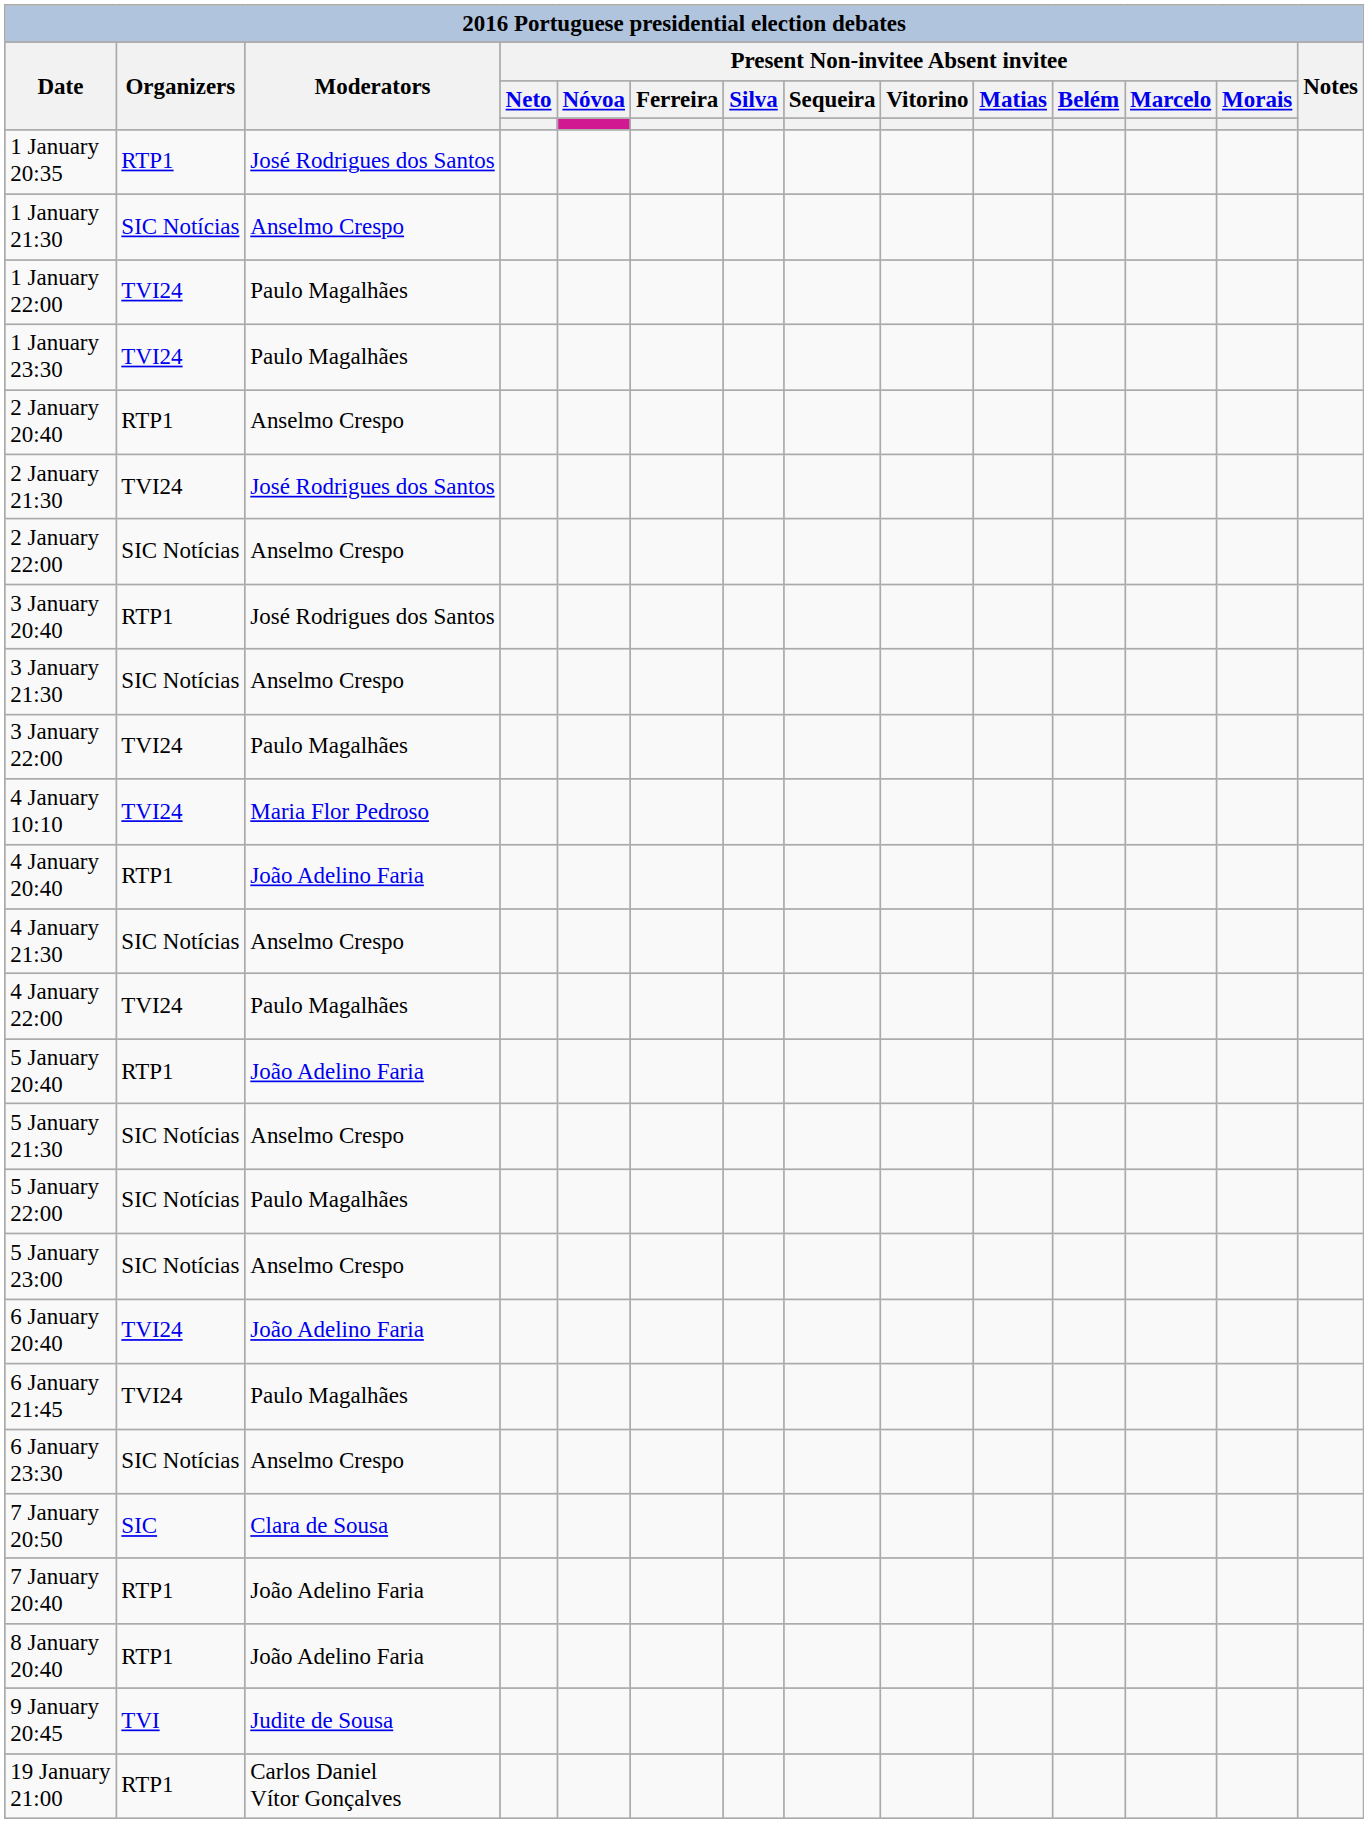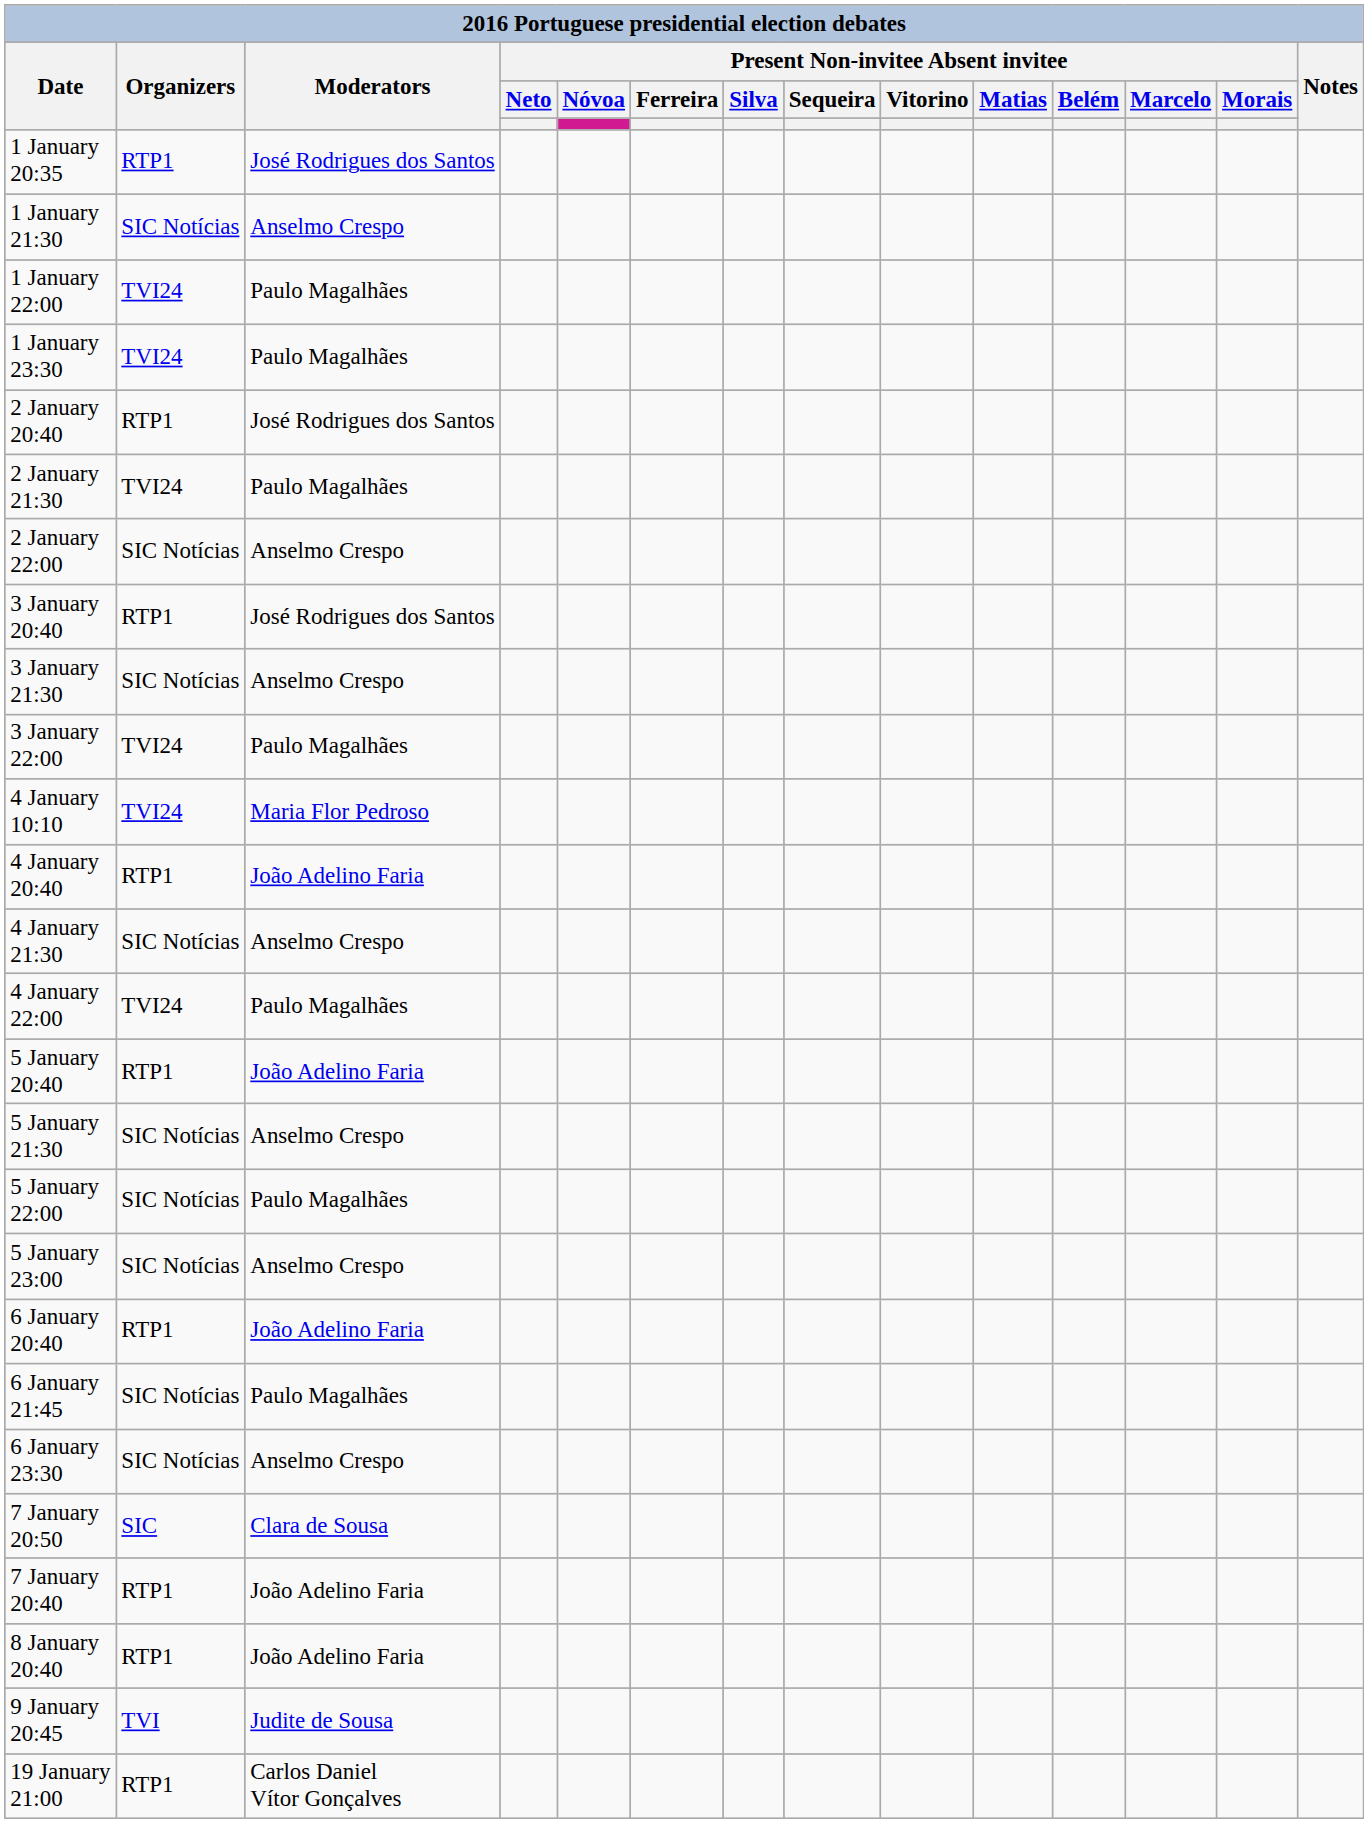 <table class="wikitable collapsible" style="font-size:85%; text-align:center">
 <tr>
 <th style="background:#B0C4DE;" colspan="15">2016 Portuguese presidential election debates</th>
 </tr>
 <tr>
 <th style="white-space:nowrap;" rowspan="3">Date</th>
 <th rowspan="3">Organizers</th>
 <th rowspan="3">Moderators</th>
 <th scope="col" colspan="10"> Present  Non-invitee  Absent invitee</th>
 <th rowspan="3">Notes</th>
 </tr>
 <tr>
 <th scope="col" style="width:60px;"><a href='#'>Neto</a></th>
 <th scope="col" style="width:60px;"><a href='#'>Nóvoa</a></th>
 <th scope="col" style="width:60px;">Ferreira</th>
 <th scope="col" style="width:60px;"><a href='#'>Silva</a></th>
 <th scope="col" style="width:60px;">Sequeira</th>
 <th scope="col" style="width:60px;">Vitorino</th>
 <th scope="col" style="width:60px;"><a href='#'>Matias</a></th>
 <th scope="col" style="width:60px;"><a href='#'>Belém</a></th>
 <th scope="col" style="width:60px;"><a href='#'>Marcelo</a></th>
 <th scope="col" style="width:60px;"><a href='#'>Morais</a></th>
 </tr>
 <tr>
 <th style="background:"></th>
 <th style="background:#d11a91;"></th>
 <th style="background:"></th>
 <th style="background:"></th>
 <th style="background:"></th>
 <th style="background:"></th>
 <th style="background:"></th>
 <th style="background:"></th>
 <th style="background:"></th>
 <th style="background:"></th>
 </tr>
 <tr>
 <td style="white-space:nowrap;text-align:left;">1 January<br>20:35</td>
 <td style="white-space:nowrap;text-align:left;"><a href='#'>RTP1</a></td>
 <td style="white-space:nowrap;text-align:left;"><a href='#'>José Rodrigues dos Santos</a></td>
 <td></td>
 <td></td>
 <td></td>
 <td></td>
 <td></td>
 <td></td>
 <td></td>
 <td></td>
 <td></td>
 <td></td>
 <td></td>
 </tr>
 <tr>
 <td style="white-space:nowrap;text-align:left;">1 January<br>21:30</td>
 <td style="white-space:nowrap;text-align:left;"><a href='#'>SIC Notícias</a></td>
 <td style="white-space:nowrap;text-align:left;"><a href='#'>Anselmo Crespo</a></td>
 <td></td>
 <td></td>
 <td></td>
 <td></td>
 <td></td>
 <td></td>
 <td></td>
 <td></td>
 <td></td>
 <td></td>
 <td></td>
 </tr>
 <tr>
 <td style="white-space:nowrap;text-align:left;">1 January<br>22:00</td>
 <td style="white-space:nowrap;text-align:left;"><a href='#'>TVI24</a></td>
 <td style="white-space:nowrap;text-align:left;">Paulo Magalhães</td>
 <td></td>
 <td></td>
 <td></td>
 <td></td>
 <td></td>
 <td></td>
 <td></td>
 <td></td>
 <td></td>
 <td></td>
 <td></td>
 </tr>
 <tr>
 <td style="white-space:nowrap;text-align:left;">1 January<br>23:30</td>
 <td style="white-space:nowrap;text-align:left;"><a href='#'>TVI24</a></td>
 <td style="white-space:nowrap;text-align:left;">Paulo Magalhães</td>
 <td></td>
 <td></td>
 <td></td>
 <td></td>
 <td></td>
 <td></td>
 <td></td>
 <td></td>
 <td></td>
 <td></td>
 <td></td>
 </tr>
 <tr>
 <td style="white-space:nowrap;text-align:left;">2 January<br>20:40</td>
 <td style="white-space:nowrap;text-align:left;">RTP1</td>
-<td style="white-space:nowrap;text-align:left;">Anselmo Crespo</td>
+<td style="white-space:nowrap;text-align:left;">José Rodrigues dos Santos</td>
 <td></td>
 <td></td>
 <td></td>
 <td></td>
 <td></td>
 <td></td>
 <td></td>
 <td></td>
 <td></td>
 <td></td>
 <td></td>
 </tr>
 <tr>
 <td style="white-space:nowrap;text-align:left;">2 January<br>21:30</td>
 <td style="white-space:nowrap;text-align:left;">TVI24</td>
-<td style="white-space:nowrap;text-align:left;"><a href='#'>José Rodrigues dos Santos</a></td>
+<td style="white-space:nowrap;text-align:left;">Paulo Magalhães</td>
 <td></td>
 <td></td>
 <td></td>
 <td></td>
 <td></td>
 <td></td>
 <td></td>
 <td></td>
 <td></td>
 <td></td>
 <td></td>
 </tr>
 <tr>
 <td style="white-space:nowrap;text-align:left;">2 January<br>22:00</td>
 <td style="white-space:nowrap;text-align:left;">SIC Notícias</td>
 <td style="white-space:nowrap;text-align:left;">Anselmo Crespo</td>
 <td></td>
 <td></td>
 <td></td>
 <td></td>
 <td></td>
 <td></td>
 <td></td>
 <td></td>
 <td></td>
 <td></td>
 <td></td>
 </tr>
 <tr>
 <td style="white-space:nowrap;text-align:left;">3 January<br>20:40</td>
 <td style="white-space:nowrap;text-align:left;">RTP1</td>
 <td style="white-space:nowrap;text-align:left;">José Rodrigues dos Santos</td>
 <td></td>
 <td></td>
 <td></td>
 <td></td>
 <td></td>
 <td></td>
 <td></td>
 <td></td>
 <td></td>
 <td></td>
 <td></td>
 </tr>
 <tr>
 <td style="white-space:nowrap;text-align:left;">3 January<br>21:30</td>
 <td style="white-space:nowrap;text-align:left;">SIC Notícias</td>
 <td style="white-space:nowrap;text-align:left;">Anselmo Crespo</td>
 <td></td>
 <td></td>
 <td></td>
 <td></td>
 <td></td>
 <td></td>
 <td></td>
 <td></td>
 <td></td>
 <td></td>
 <td></td>
 </tr>
 <tr>
 <td style="white-space:nowrap;text-align:left;">3 January<br>22:00</td>
 <td style="white-space:nowrap;text-align:left;">TVI24</td>
 <td style="white-space:nowrap;text-align:left;">Paulo Magalhães</td>
 <td></td>
 <td></td>
 <td></td>
 <td></td>
 <td></td>
 <td></td>
 <td></td>
 <td></td>
 <td></td>
 <td></td>
 <td></td>
 </tr>
 <tr>
 <td style="white-space:nowrap;text-align:left;">4 January<br>10:10</td>
 <td style="white-space:nowrap;text-align:left;"><a href='#'>TVI24</a></td>
 <td style="white-space:nowrap;text-align:left;"><a href='#'>Maria Flor Pedroso</a></td>
 <td></td>
 <td></td>
 <td></td>
 <td></td>
 <td></td>
 <td></td>
 <td></td>
 <td></td>
 <td></td>
 <td></td>
 <td></td>
 </tr>
 <tr>
 <td style="white-space:nowrap;text-align:left;">4 January<br>20:40</td>
 <td style="white-space:nowrap;text-align:left;">RTP1</td>
 <td style="white-space:nowrap;text-align:left;"><a href='#'>João Adelino Faria</a></td>
 <td></td>
 <td></td>
 <td></td>
 <td></td>
 <td></td>
 <td></td>
 <td></td>
 <td></td>
 <td></td>
 <td></td>
 <td></td>
 </tr>
 <tr>
 <td style="white-space:nowrap;text-align:left;">4 January<br>21:30</td>
 <td style="white-space:nowrap;text-align:left;">SIC Notícias</td>
 <td style="white-space:nowrap;text-align:left;">Anselmo Crespo</td>
 <td></td>
 <td></td>
 <td></td>
 <td></td>
 <td></td>
 <td></td>
 <td></td>
 <td></td>
 <td></td>
 <td></td>
 <td></td>
 </tr>
 <tr>
 <td style="white-space:nowrap;text-align:left;">4 January<br>22:00</td>
 <td style="white-space:nowrap;text-align:left;">TVI24</td>
 <td style="white-space:nowrap;text-align:left;">Paulo Magalhães</td>
 <td></td>
 <td></td>
 <td></td>
 <td></td>
 <td></td>
 <td></td>
 <td></td>
 <td></td>
 <td></td>
 <td></td>
 <td></td>
 </tr>
 <tr>
 <td style="white-space:nowrap;text-align:left;">5 January<br>20:40</td>
 <td style="white-space:nowrap;text-align:left;">RTP1</td>
 <td style="white-space:nowrap;text-align:left;"><a href='#'>João Adelino Faria</a></td>
 <td></td>
 <td></td>
 <td></td>
 <td></td>
 <td></td>
 <td></td>
 <td></td>
 <td></td>
 <td></td>
 <td></td>
 <td></td>
 </tr>
 <tr>
 <td style="white-space:nowrap;text-align:left;">5 January<br>21:30</td>
 <td style="white-space:nowrap;text-align:left;">SIC Notícias</td>
 <td style="white-space:nowrap;text-align:left;">Anselmo Crespo</td>
 <td></td>
 <td></td>
 <td></td>
 <td></td>
 <td></td>
 <td></td>
 <td></td>
 <td></td>
 <td></td>
 <td></td>
 <td></td>
 </tr>
 <tr>
 <td style="white-space:nowrap;text-align:left;">5 January<br>22:00</td>
 <td style="white-space:nowrap;text-align:left;">SIC Notícias</td>
 <td style="white-space:nowrap;text-align:left;">Paulo Magalhães</td>
 <td></td>
 <td></td>
 <td></td>
 <td></td>
 <td></td>
 <td></td>
 <td></td>
 <td></td>
 <td></td>
 <td></td>
 <td></td>
 </tr>
 <tr>
 <td style="white-space:nowrap;text-align:left;">5 January<br>23:00</td>
 <td style="white-space:nowrap;text-align:left;">SIC Notícias</td>
 <td style="white-space:nowrap;text-align:left;">Anselmo Crespo</td>
 <td></td>
 <td></td>
 <td></td>
 <td></td>
 <td></td>
 <td></td>
 <td></td>
 <td></td>
 <td></td>
 <td></td>
 <td></td>
 </tr>
 <tr>
 <td style="white-space:nowrap;text-align:left;">6 January<br>20:40</td>
-<td style="white-space:nowrap;text-align:left;"><a href='#'>TVI24</a></td>
+<td style="white-space:nowrap;text-align:left;">RTP1</td>
 <td style="white-space:nowrap;text-align:left;"><a href='#'>João Adelino Faria</a></td>
 <td></td>
 <td></td>
 <td></td>
 <td></td>
 <td></td>
 <td></td>
 <td></td>
 <td></td>
 <td></td>
 <td></td>
 <td></td>
 </tr>
 <tr>
 <td style="white-space:nowrap;text-align:left;">6 January<br>21:45</td>
-<td style="white-space:nowrap;text-align:left;">TVI24</td>
+<td style="white-space:nowrap;text-align:left;">SIC Notícias</td>
 <td style="white-space:nowrap;text-align:left;">Paulo Magalhães</td>
 <td></td>
 <td></td>
 <td></td>
 <td></td>
 <td></td>
 <td></td>
 <td></td>
 <td></td>
 <td></td>
 <td></td>
 <td></td>
 </tr>
 <tr>
 <td style="white-space:nowrap;text-align:left;">6 January<br>23:30</td>
 <td style="white-space:nowrap;text-align:left;">SIC Notícias</td>
 <td style="white-space:nowrap;text-align:left;">Anselmo Crespo</td>
 <td></td>
 <td></td>
 <td></td>
 <td></td>
 <td></td>
 <td></td>
 <td></td>
 <td></td>
 <td></td>
 <td></td>
 <td></td>
 </tr>
 <tr>
 <td style="white-space:nowrap;text-align:left;">7 January<br>20:50</td>
 <td style="white-space:nowrap;text-align:left;"><a href='#'>SIC</a></td>
 <td style="white-space:nowrap;text-align:left;"><a href='#'>Clara de Sousa</a></td>
 <td></td>
 <td></td>
 <td></td>
 <td></td>
 <td></td>
 <td></td>
 <td></td>
 <td></td>
 <td></td>
 <td></td>
 <td></td>
 </tr>
 <tr>
 <td style="white-space:nowrap;text-align:left;">7 January<br>20:40</td>
 <td style="white-space:nowrap;text-align:left;">RTP1</td>
 <td style="white-space:nowrap;text-align:left;">João Adelino Faria</td>
 <td></td>
 <td></td>
 <td></td>
 <td></td>
 <td></td>
 <td></td>
 <td></td>
 <td></td>
 <td></td>
 <td></td>
 <td></td>
 </tr>
 <tr>
 <td style="white-space:nowrap;text-align:left;">8 January<br>20:40</td>
 <td style="white-space:nowrap;text-align:left;">RTP1</td>
 <td style="white-space:nowrap;text-align:left;">João Adelino Faria</td>
 <td></td>
 <td></td>
 <td></td>
 <td></td>
 <td></td>
 <td></td>
 <td></td>
 <td></td>
 <td></td>
 <td></td>
 <td></td>
 </tr>
 <tr>
 <td style="white-space:nowrap;text-align:left;">9 January<br>20:45</td>
 <td style="white-space:nowrap;text-align:left;"><a href='#'>TVI</a></td>
 <td style="white-space:nowrap;text-align:left;"><a href='#'>Judite de Sousa</a></td>
 <td></td>
 <td></td>
 <td></td>
 <td></td>
 <td></td>
 <td></td>
 <td></td>
 <td></td>
 <td></td>
 <td></td>
 <td></td>
 </tr>
 <tr>
 <td style="white-space:nowrap;text-align:left;">19 January<br>21:00</td>
 <td style="white-space:nowrap;text-align:left;">RTP1</td>
 <td style="white-space:nowrap;text-align:left;">Carlos Daniel <br> Vítor Gonçalves</td>
 <td></td>
 <td></td>
 <td></td>
 <td></td>
 <td></td>
 <td></td>
 <td></td>
 <td></td>
 <td></td>
 <td></td>
 <td></td>
 </tr>
 </table>
